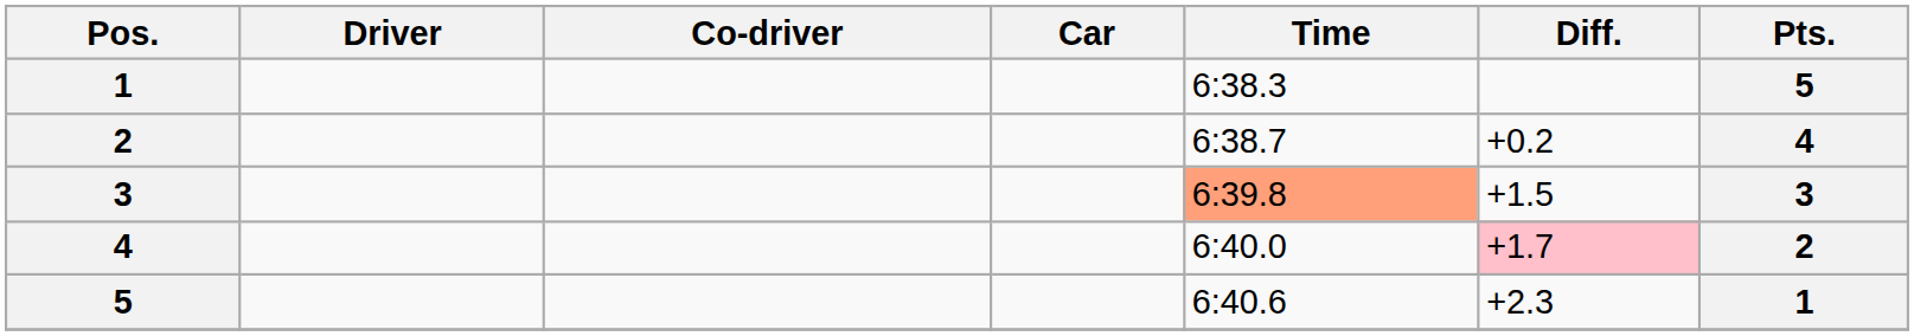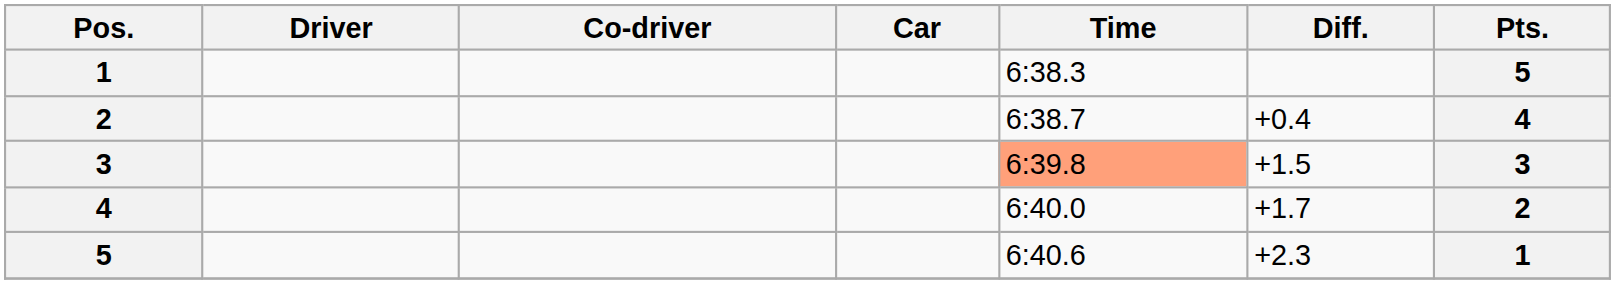 <table class="wikitable" width=60% style="font-size: 85%;">
 <tr>
 <th>Pos.</th>
 <th>Driver</th>
 <th>Co-driver</th>
 <th>Car</th>
 <th>Time</th>
 <th>Diff.</th>
 <th>Pts.</th>
 </tr>
 <tr>
 <th>1</th>
 <td></td>
 <td></td>
 <td></td>
 <td>6:38.3</td>
 <td></td>
 <th>5</th>
 </tr>
 <tr>
 <th>2</th>
 <td></td>
 <td></td>
 <td></td>
 <td>6:38.7</td>
-<td>+0.2</td>
+<td>+0.4</td>
 <th>4</th>
 </tr>
 <tr>
 <th>3</th>
 <td></td>
 <td></td>
 <td></td>
 <td style="background: lightsalmon;">6:39.8</td>
 <td>+1.5</td>
 <th>3</th>
 </tr>
 <tr>
 <th>4</th>
 <td></td>
 <td></td>
 <td></td>
 <td>6:40.0</td>
-<td style="background: pink;">+1.7</td>
+<td>+1.7</td>
 <th>2</th>
 </tr>
 <tr>
 <th>5</th>
 <td></td>
 <td></td>
 <td></td>
 <td>6:40.6</td>
 <td>+2.3</td>
 <th>1</th>
 </tr>
 <tr>
 </tr>
 </table>
